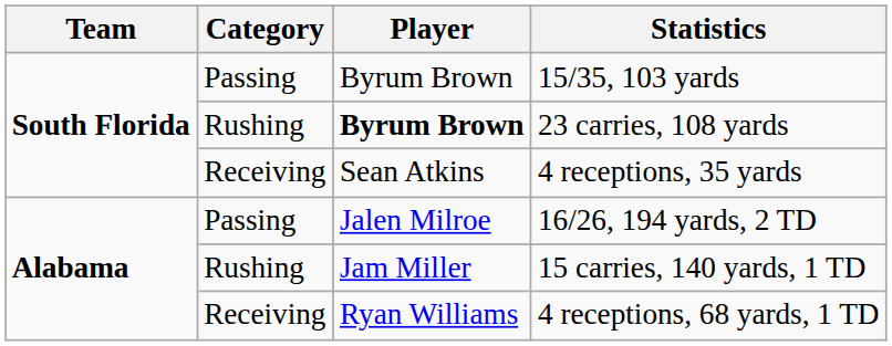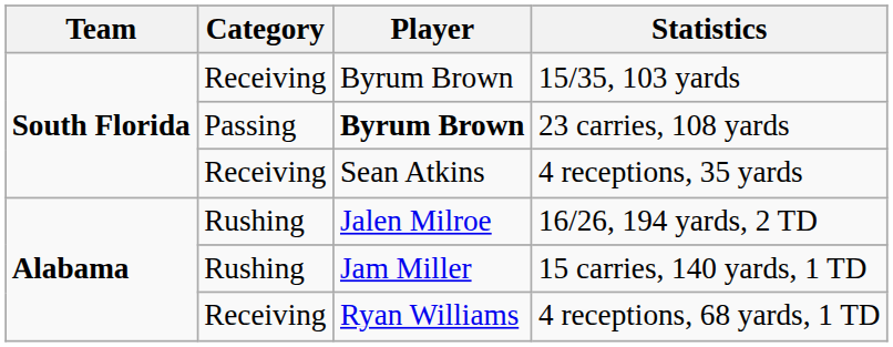 <table class="wikitable" style="float: right;">
 <tr>
 <th>Team</th>
 <th>Category</th>
 <th>Player</th>
 <th>Statistics</th>
 </tr>
 <tr>
 <td rowspan=3><strong>South Florida</strong></td>
-<td>Passing</td>
+<td>Receiving</td>
 <td>Byrum Brown</td>
 <td>15/35, 103 yards</td>
 </tr>
 <tr>
-<td>Rushing</td>
+<td>Passing</td>
 <td><strong>Byrum Brown</strong></td>
 <td>23 carries, 108 yards</td>
 </tr>
 <tr>
 <td>Receiving</td>
 <td>Sean Atkins</td>
 <td>4 receptions, 35 yards</td>
 </tr>
 <tr>
 <td rowspan=3><strong>Alabama</strong></td>
-<td>Passing</td>
+<td>Rushing</td>
 <td><a href='#'>Jalen Milroe</a></td>
 <td>16/26, 194 yards, 2 TD</td>
 </tr>
 <tr>
 <td>Rushing</td>
 <td><a href='#'>Jam Miller</a></td>
 <td>15 carries, 140 yards, 1 TD</td>
 </tr>
 <tr>
 <td>Receiving</td>
 <td><a href='#'>Ryan Williams</a></td>
 <td>4 receptions, 68 yards, 1 TD</td>
 </tr>
 </table>
